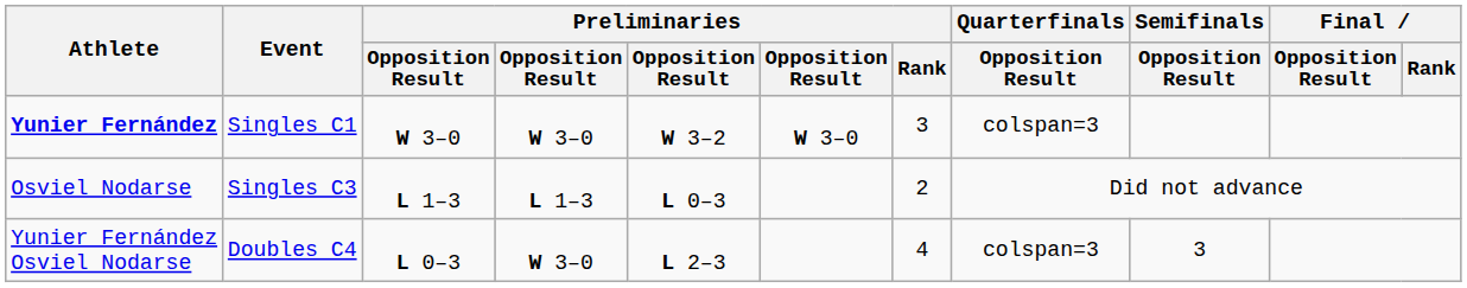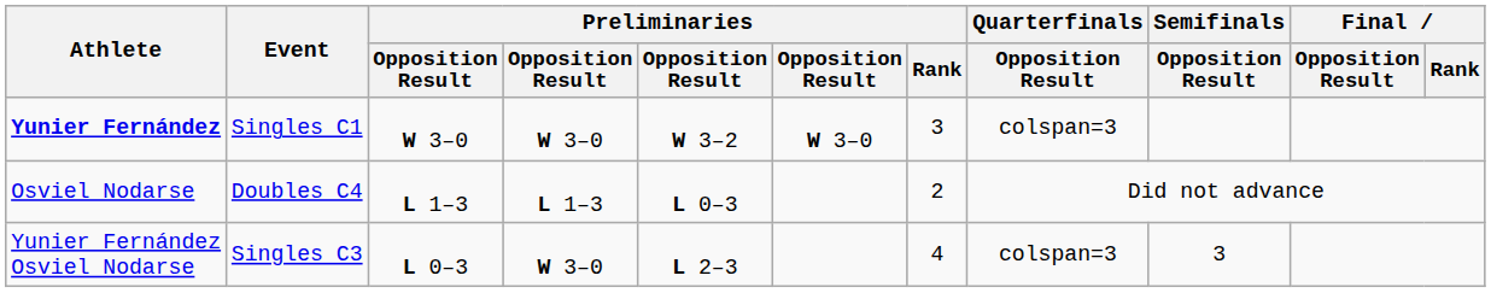 <table class=wikitable style="font-size:90%">
 <tr>
 <th rowspan="2">Athlete</th>
 <th rowspan="2">Event</th>
 <th colspan="5">Preliminaries</th>
 <th>Quarterfinals</th>
 <th>Semifinals</th>
 <th colspan="2">Final / </th>
 </tr>
 <tr style="font-size:95%">
 <th>Opposition<br>Result</th>
 <th>Opposition<br>Result</th>
 <th>Opposition<br>Result</th>
 <th>Opposition<br>Result</th>
 <th>Rank</th>
 <th>Opposition<br>Result</th>
 <th>Opposition<br>Result</th>
 <th>Opposition<br>Result</th>
 <th>Rank</th>
 </tr>
 <tr align=center>
 <td align=left><strong><a href='#'>Yunier Fernández</a></strong></td>
 <td align=left><a href='#'>Singles C1</a></td>
 <td><br><strong>W</strong> 3–0</td>
 <td><br><strong>W</strong> 3–0</td>
 <td><br><strong>W</strong> 3–2</td>
 <td><br><strong>W</strong> 3–0</td>
 <td>3</td>
 <td>colspan=3 </td>
 <td></td>
 </tr>
 <tr align=center>
 <td align=left><a href='#'>Osviel Nodarse</a></td>
-<td align=left><a href='#'>Singles C3</a></td>
+<td align=left><a href='#'>Doubles C4</a></td>
 <td><br><strong>L</strong> 1–3</td>
 <td><br><strong>L</strong> 1–3</td>
 <td><br><strong>L</strong> 0–3</td>
 <td></td>
 <td>2</td>
 <td colspan=4>Did not advance</td>
 </tr>
 <tr align=center>
 <td align=left><a href='#'>Yunier Fernández</a><br><a href='#'>Osviel Nodarse</a></td>
-<td align=left><a href='#'>Doubles C4</a></td>
+<td align=left><a href='#'>Singles C3</a></td>
 <td><br><strong>L</strong> 0–3</td>
 <td><br><strong>W</strong> 3–0</td>
 <td><br><strong>L</strong> 2–3</td>
 <td></td>
 <td>4</td>
 <td>colspan=3 </td>
 <td>3</td>
 </tr>
 </table>
